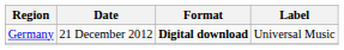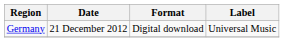 <table class="wikitable">
 <tr>
 <th>Region</th>
 <th>Date</th>
 <th>Format</th>
 <th>Label</th>
 </tr>
 <tr>
 <td><a href='#'>Germany</a></td>
 <td>21 December 2012</td>
-<td><strong>Digital download</strong></td>
+<td>Digital download</td>
 <td>Universal Music</td>
 </tr>
 <tr>
 </tr>
 </table>
